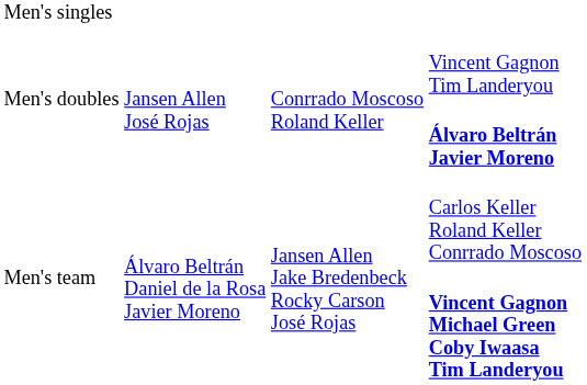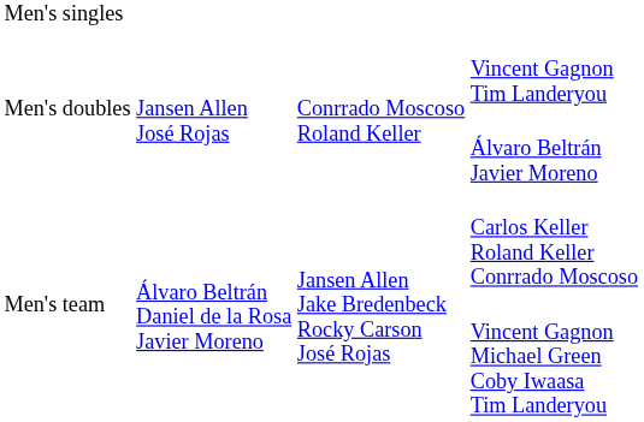 <table>
 <tr>
 <td rowspan=2>Men's singles<br></td>
 <td rowspan=2></td>
 <td rowspan=2></td>
 <td></td>
 </tr>
 <tr>
 <td></td>
 </tr>
 <tr>
 <td rowspan=2>Men's doubles<br></td>
 <td rowspan=2><br><a href='#'>Jansen Allen</a><br><a href='#'>José Rojas</a></td>
 <td rowspan=2><br><a href='#'>Conrrado Moscoso</a><br><a href='#'>Roland Keller</a></td>
 <td><br><a href='#'>Vincent Gagnon</a><br><a href='#'>Tim Landeryou</a></td>
 </tr>
 <tr>
-<td><strong><br><a href='#'>Álvaro Beltrán</a><br><a href='#'>Javier Moreno</a></strong></td>
+<td><br><a href='#'>Álvaro Beltrán</a><br><a href='#'>Javier Moreno</a></td>
 </tr>
 <tr>
 <td rowspan=2>Men's team<br></td>
 <td rowspan=2><br><a href='#'>Álvaro Beltrán</a><br><a href='#'>Daniel de la Rosa</a><br><a href='#'>Javier Moreno</a></td>
 <td rowspan=2><br><a href='#'>Jansen Allen</a><br><a href='#'>Jake Bredenbeck</a><br><a href='#'>Rocky Carson</a><br><a href='#'>José Rojas</a></td>
 <td><br><a href='#'>Carlos Keller</a><br><a href='#'>Roland Keller</a><br><a href='#'>Conrrado Moscoso</a></td>
 </tr>
 <tr>
-<td><strong><br><a href='#'>Vincent Gagnon</a><br><a href='#'>Michael Green</a><br><a href='#'>Coby Iwaasa</a><br><a href='#'>Tim Landeryou</a></strong></td>
+<td><br><a href='#'>Vincent Gagnon</a><br><a href='#'>Michael Green</a><br><a href='#'>Coby Iwaasa</a><br><a href='#'>Tim Landeryou</a></td>
 </tr>
 </table>
